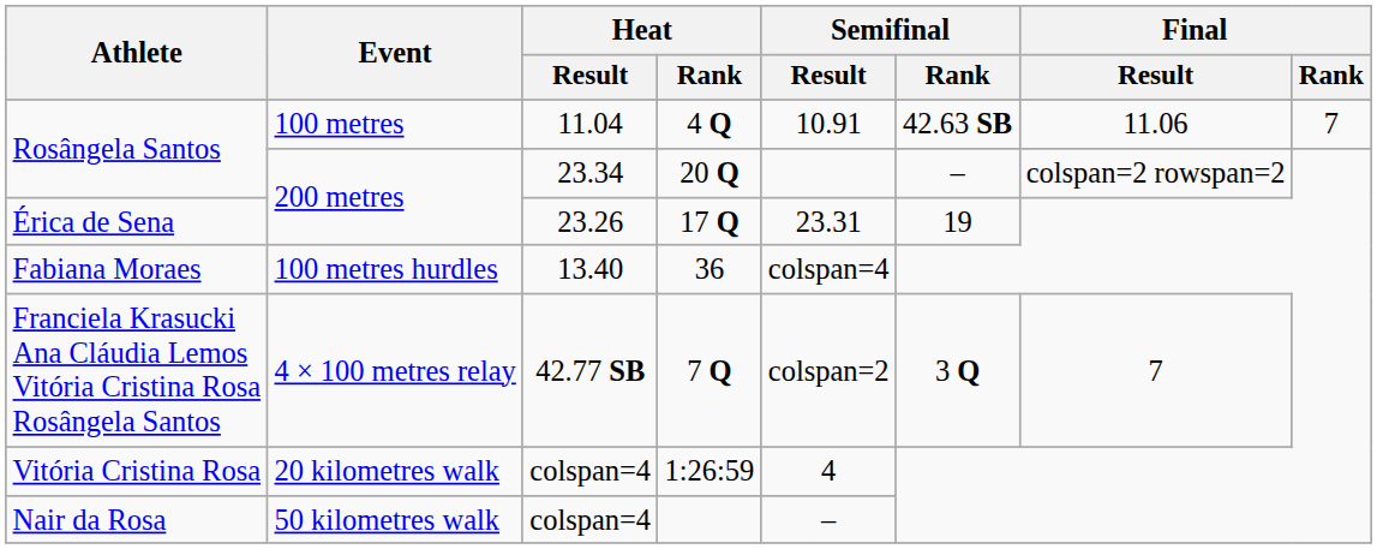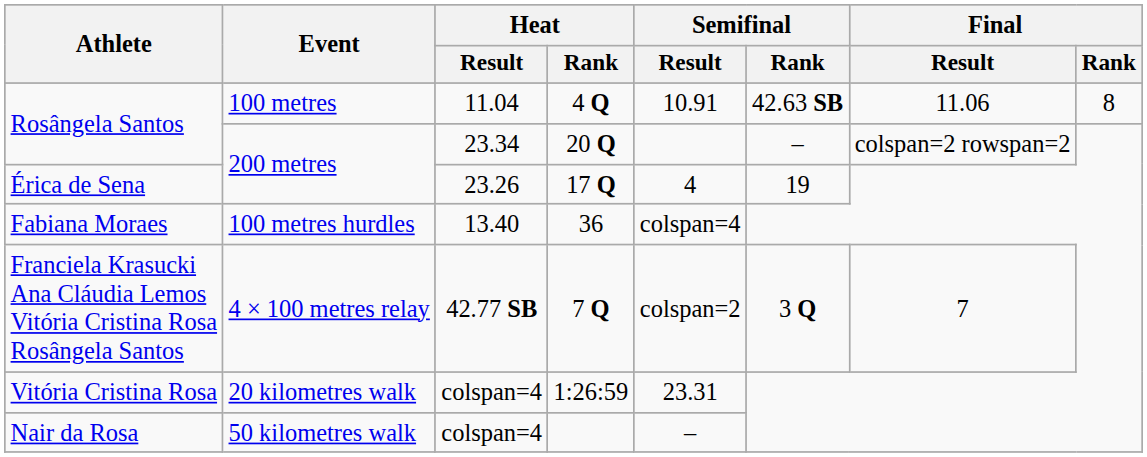 <table class=wikitable style=font-size:90%>
 <tr>
 <th rowspan=2>Athlete</th>
 <th rowspan=2>Event</th>
 <th colspan=2>Heat</th>
 <th colspan=2>Semifinal</th>
 <th colspan=2>Final</th>
 </tr>
 <tr style=font-size:95%>
 <th>Result</th>
 <th>Rank</th>
 <th>Result</th>
 <th>Rank</th>
 <th>Result</th>
 <th>Rank</th>
 </tr>
 <tr align=center>
 <td align=left rowspan=2><a href='#'>Rosângela Santos</a></td>
 <td align=left><a href='#'>100 metres</a></td>
 <td>11.04</td>
 <td>4 <strong>Q</strong></td>
 <td>10.91 </td>
 <td>42.63 <strong>SB</strong></td>
 <td>11.06</td>
-<td>7</td>
+<td>8</td>
 </tr>
 <tr align=center>
 <td align=left rowspan=2><a href='#'>200 metres</a></td>
 <td>23.34</td>
 <td>20 <strong>Q</strong></td>
 <td></td>
 <td>–</td>
 <td>colspan=2 rowspan=2 </td>
 </tr>
 <tr align=center>
 <td align=left><a href='#'>Érica de Sena</a></td>
 <td>23.26</td>
 <td>17 <strong>Q</strong></td>
-<td>23.31</td>
+<td>4</td>
 <td>19</td>
 </tr>
 <tr align=center>
 <td align=left><a href='#'>Fabiana Moraes</a></td>
 <td align=left><a href='#'>100 metres hurdles</a></td>
 <td>13.40</td>
 <td>36</td>
 <td>colspan=4 </td>
 </tr>
 <tr align=center>
 <td align=left><a href='#'>Franciela Krasucki</a><br><a href='#'>Ana Cláudia Lemos</a><br><a href='#'>Vitória Cristina Rosa</a><br><a href='#'>Rosângela Santos</a></td>
 <td align=left><a href='#'>4 × 100 metres relay</a></td>
 <td>42.77 <strong>SB</strong></td>
 <td>7 <strong>Q</strong></td>
 <td>colspan=2 </td>
 <td>3 <strong>Q</strong></td>
 <td>7</td>
 </tr>
 <tr align=center>
 <td align=left><a href='#'>Vitória Cristina Rosa</a></td>
 <td align=left><a href='#'>20 kilometres walk</a></td>
 <td>colspan=4 </td>
 <td>1:26:59 </td>
-<td>4</td>
+<td>23.31</td>
 </tr>
 <tr align=center>
 <td align=left><a href='#'>Nair da Rosa</a></td>
 <td align=left><a href='#'>50 kilometres walk</a></td>
 <td>colspan=4 </td>
 <td></td>
 <td>–</td>
 </tr>
 </table>
